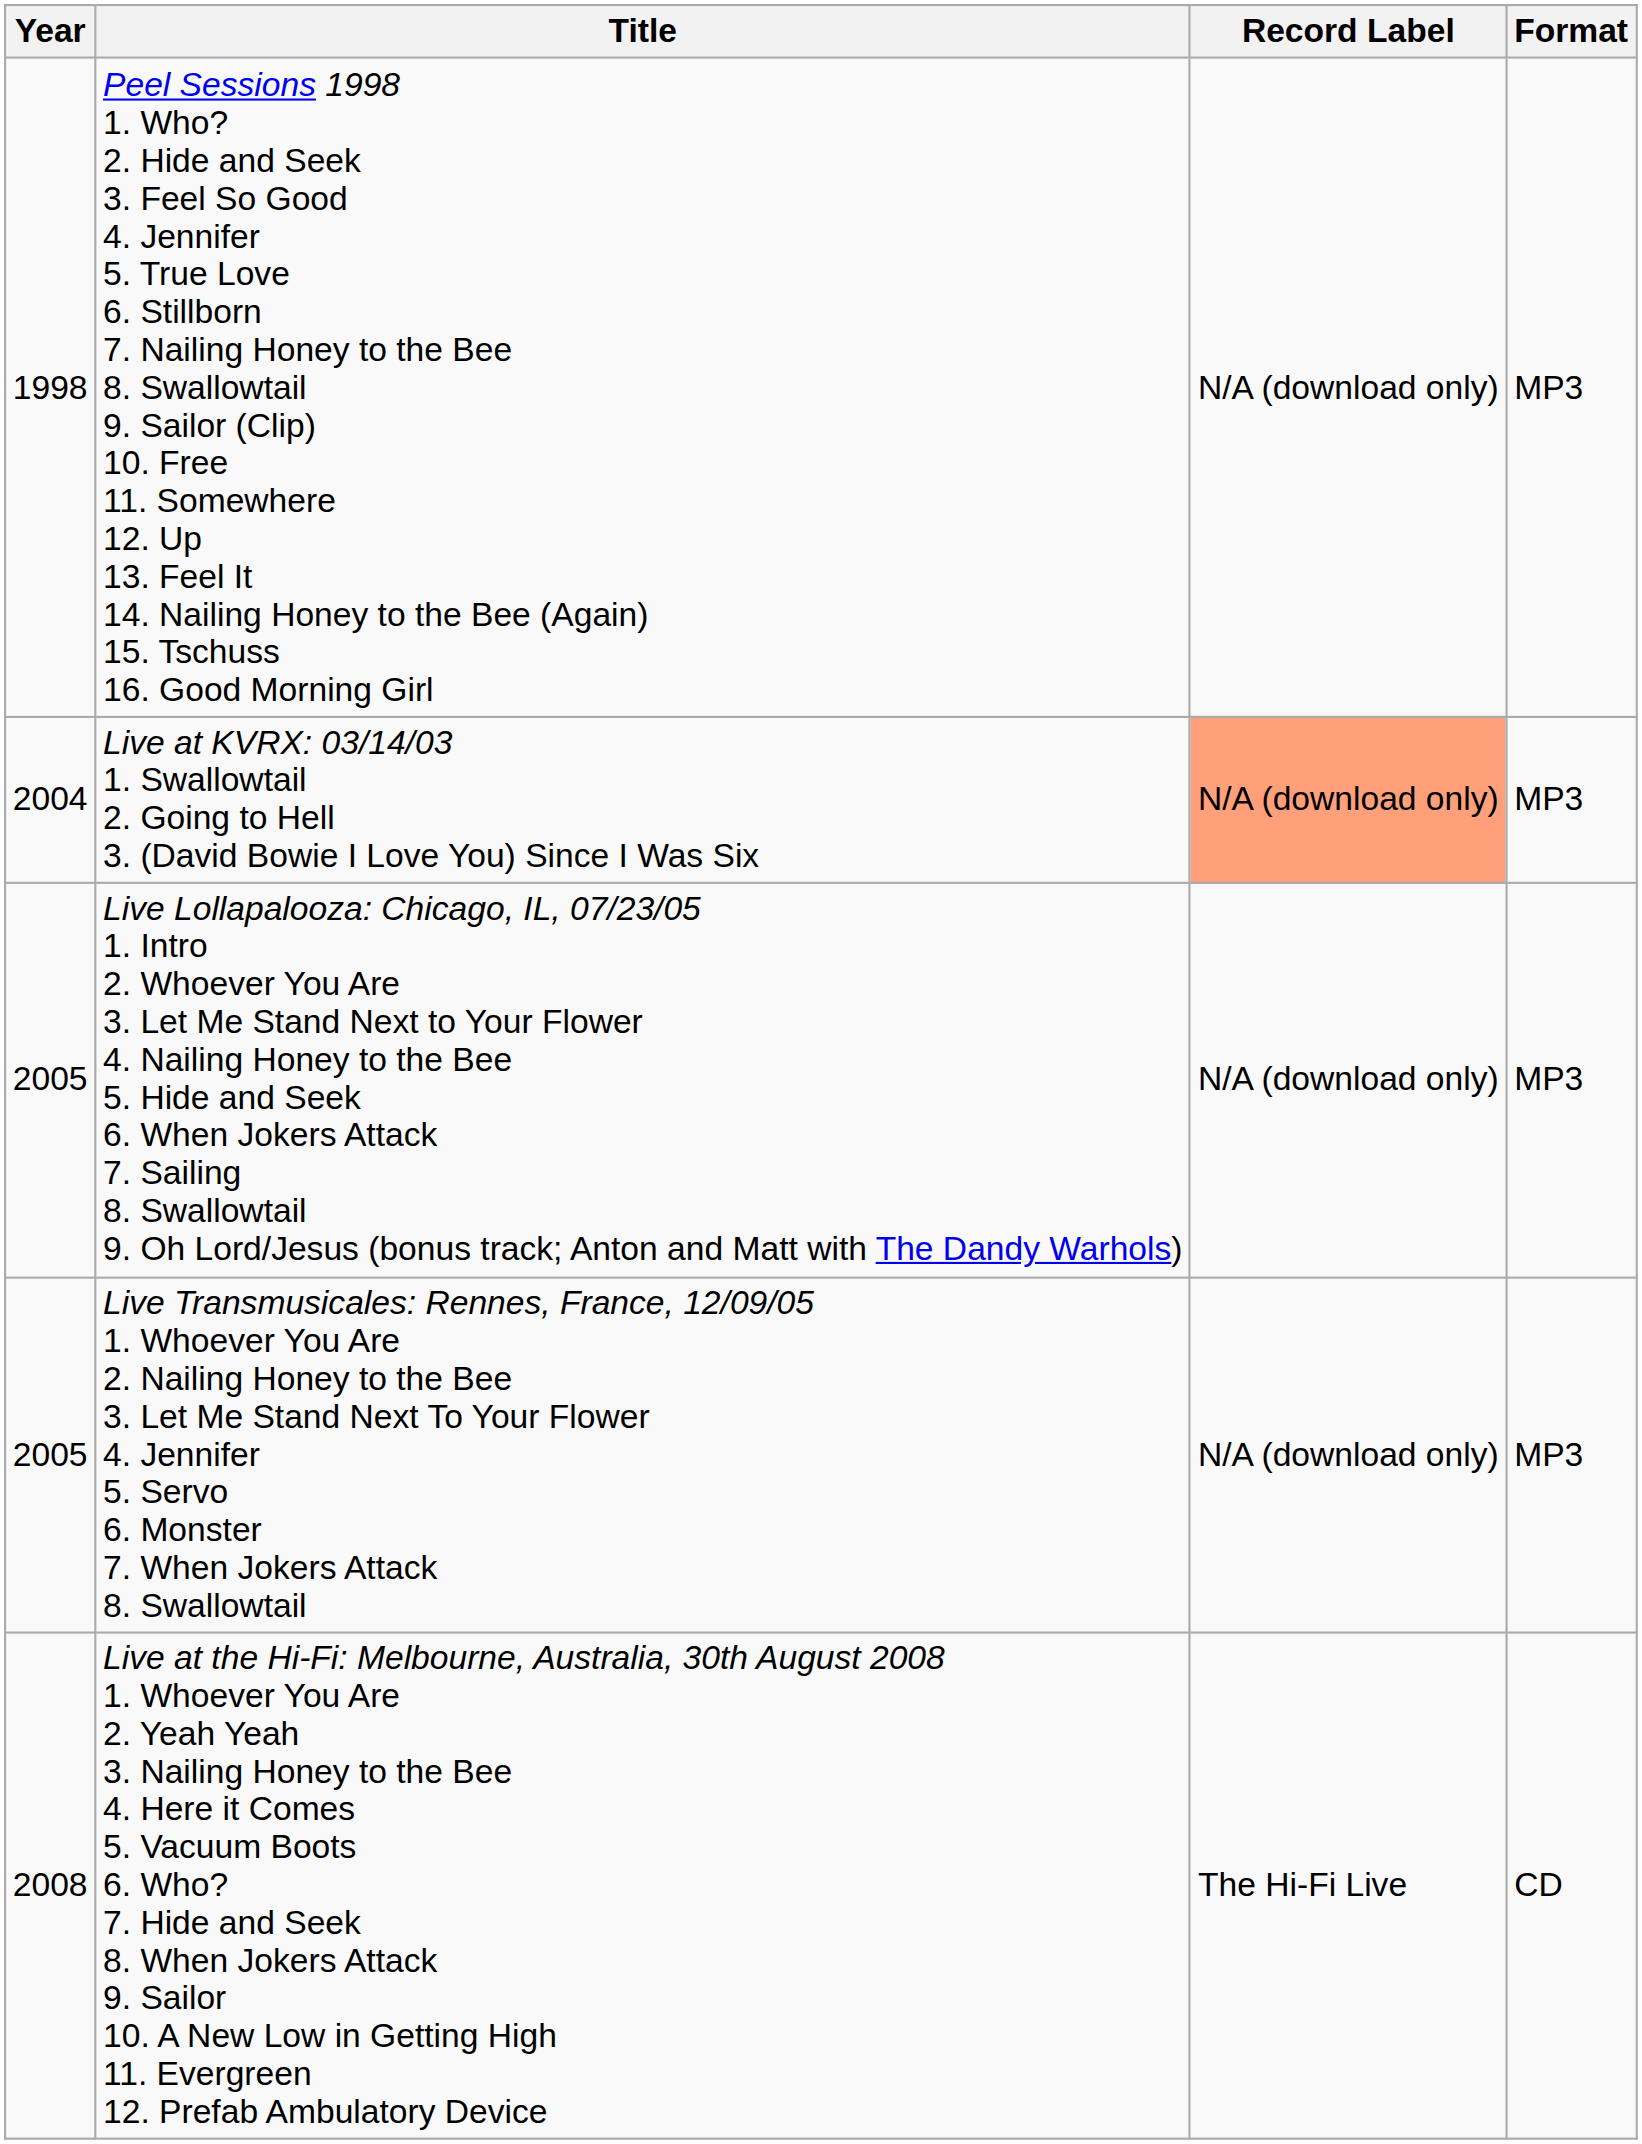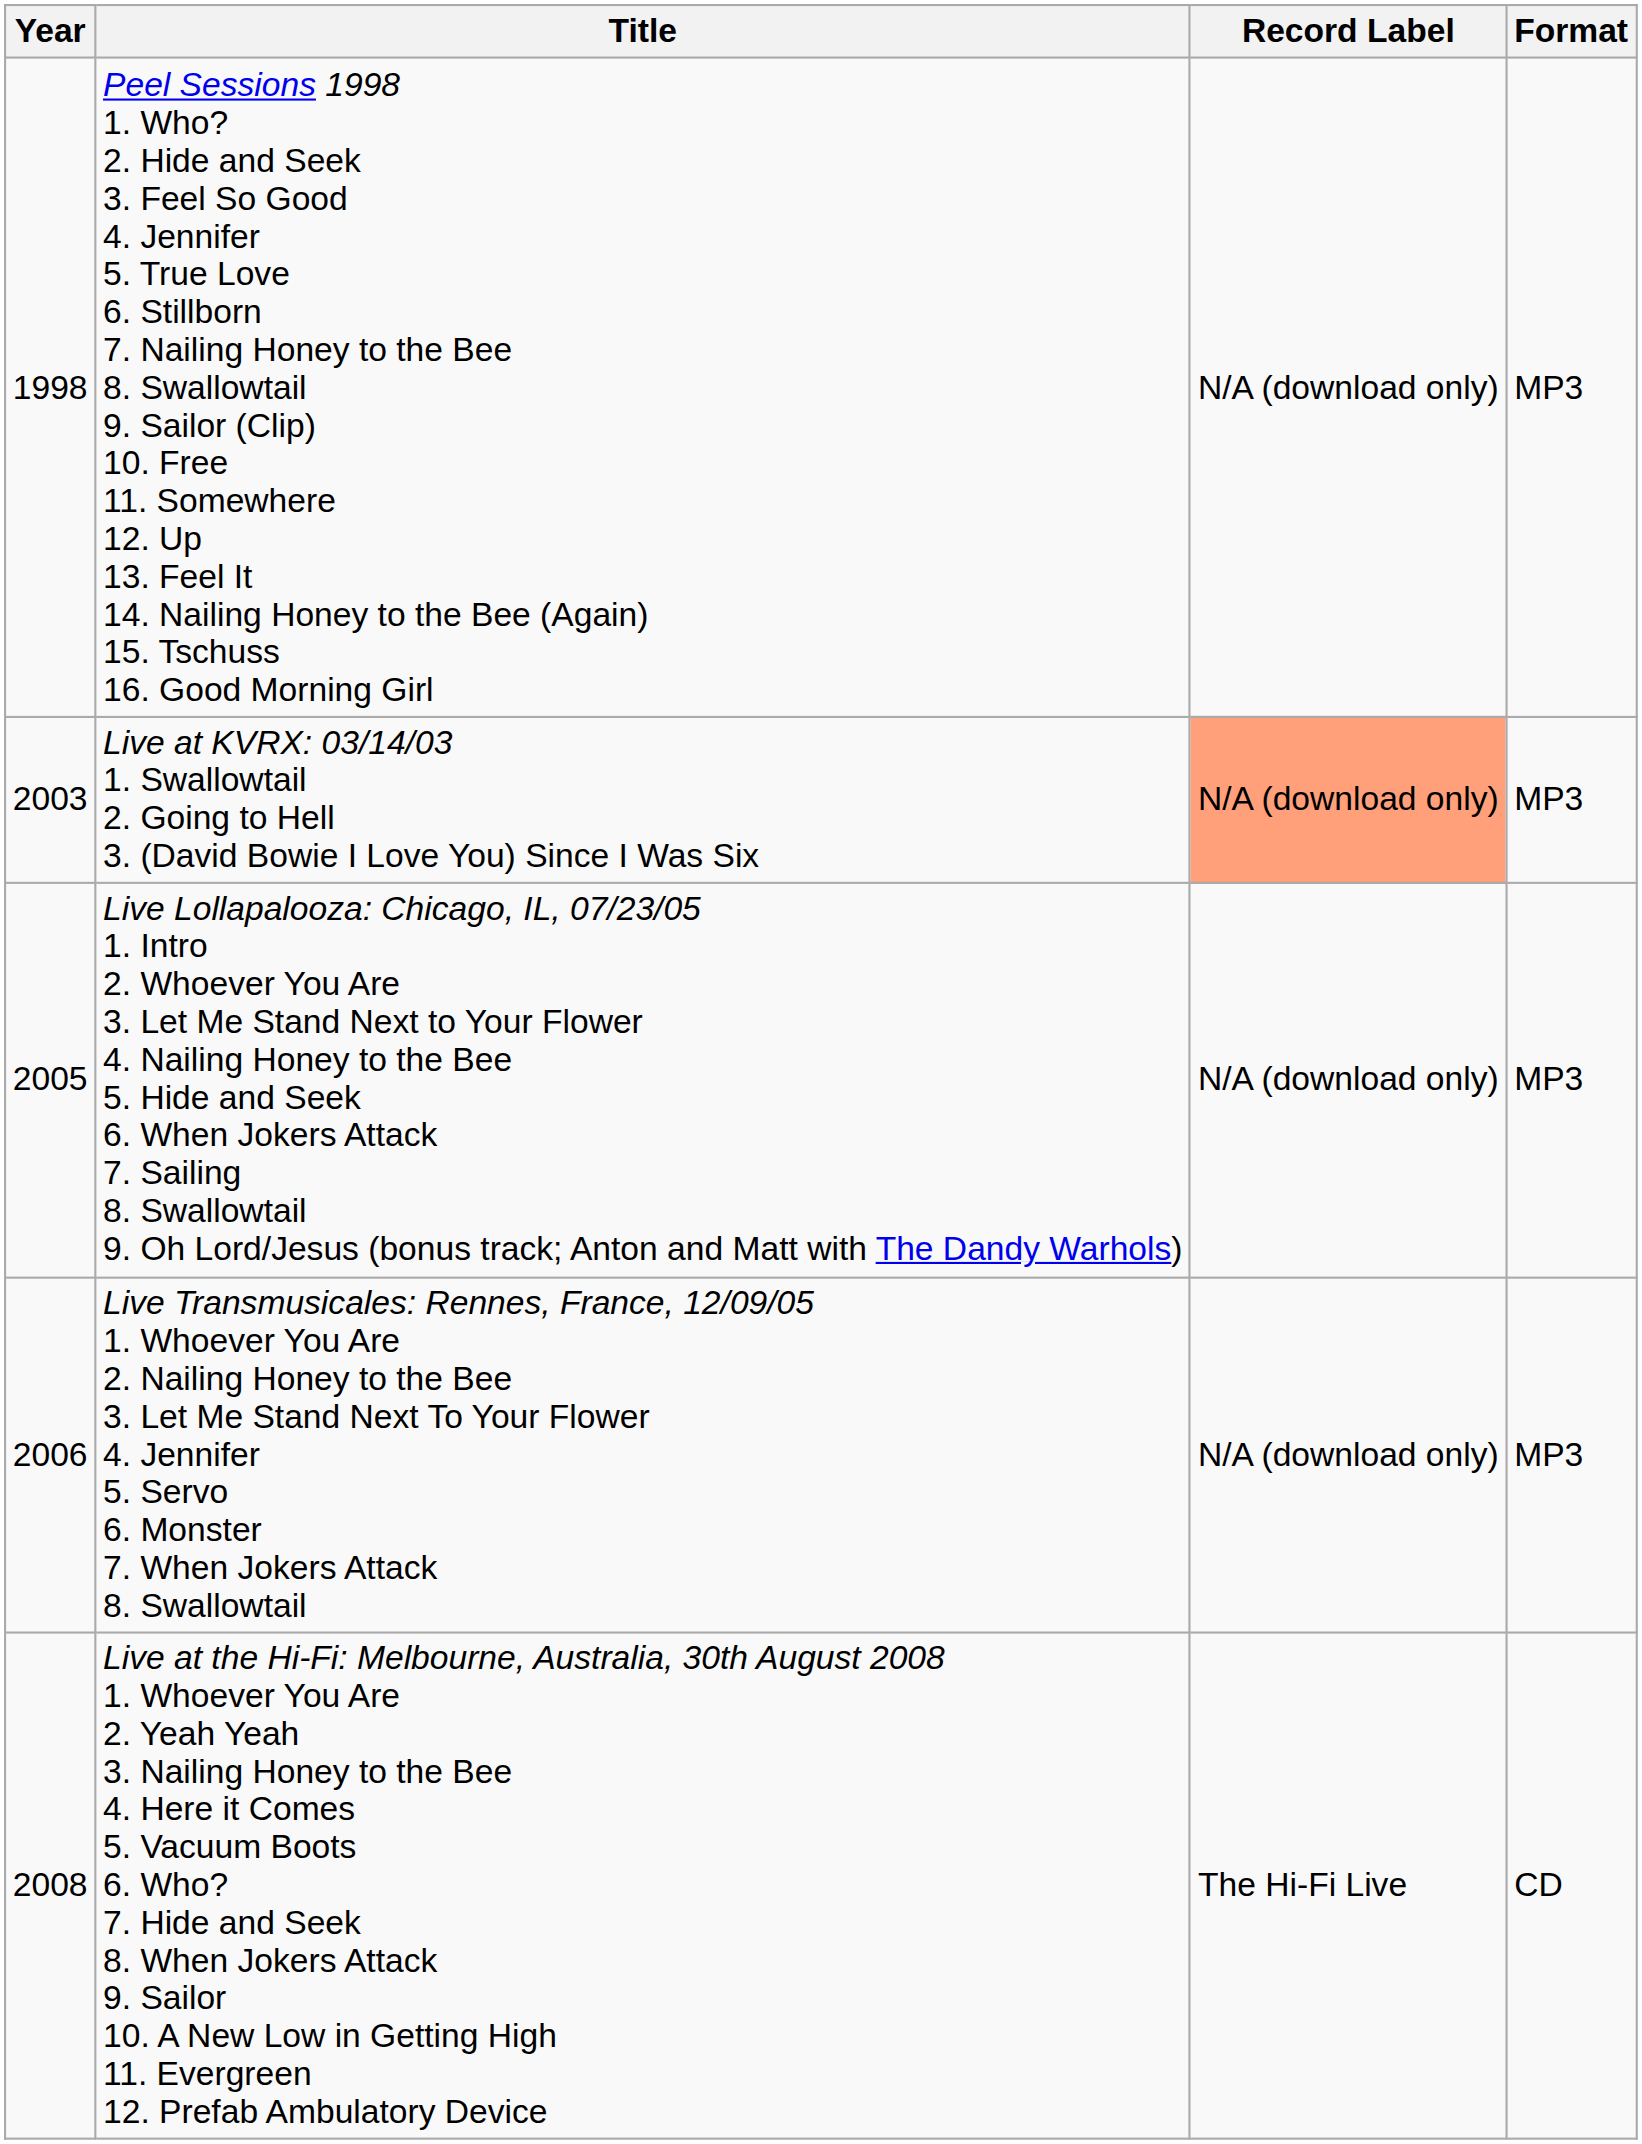 <table class="wikitable">
 <tr>
 <th>Year</th>
 <th>Title</th>
 <th>Record Label</th>
 <th>Format</th>
 </tr>
 <tr>
 <td>1998</td>
 <td align="left"><em><a href='#'>Peel Sessions</a> 1998</em><br>1.	Who?<br>   	  	 2.	Hide and Seek<br> 	   3.	Feel So Good<br>	     4.	Jennifer<br> 5.	True Love<br> 6.	Stillborn<br> 7.	Nailing Honey to the Bee<br> 8.	Swallowtail<br> 9.	Sailor (Clip)<br> 10.	Free<br> 11.	Somewhere<br> 12.	Up<br> 13.	Feel It<br> 14.	Nailing Honey to the Bee (Again)<br> 15.	Tschuss<br> 16.	Good Morning Girl<br></td>
 <td>N/A (download only)</td>
 <td>MP3</td>
 </tr>
 <tr>
-<td>2004</td>
+<td>2003</td>
 <td align="left"><em>Live at KVRX: 03/14/03</em><br>1.	Swallowtail<br> 2.	Going to Hell<br>  	   3.	(David Bowie I Love You) Since I Was Six<br></td>
 <td style="background: lightsalmon;">N/A (download only)</td>
 <td>MP3</td>
 </tr>
 <tr>
 <td>2005</td>
 <td align="left"><em>Live Lollapalooza: Chicago, IL, 07/23/05</em><br>1.	Intro<br> 2.	Whoever You Are<br>  	   3.	Let Me Stand Next to Your Flower<br>  	   4.	Nailing Honey to the Bee<br> 5.	Hide and Seek<br>  	   6.	When Jokers Attack<br>  	   7.	Sailing<br>  	   8.	Swallowtail<br> 9.	Oh Lord/Jesus (bonus track; Anton and Matt with <a href='#'>The Dandy Warhols</a>)<br></td>
 <td>N/A (download only)</td>
 <td>MP3</td>
 </tr>
 <tr>
-<td>2005</td>
+<td>2006</td>
 <td align="left"><em>Live Transmusicales: Rennes, France, 12/09/05</em><br>1.	Whoever You Are<br> 2.	Nailing Honey to the Bee<br>  	   3.	Let Me Stand Next To Your Flower<br>  	   4.	Jennifer<br>	   5.	Servo<br>	   6.	Monster<br>	 7.	When Jokers Attack<br> 8.	Swallowtail<br></td>
 <td>N/A (download only)</td>
 <td>MP3</td>
 </tr>
 <tr>
 <td>2008</td>
 <td align="left"><em>Live at the Hi-Fi: Melbourne, Australia, 30th August 2008</em><br>1.	Whoever You Are<br> 2.	Yeah Yeah<br> 3.	Nailing Honey to the Bee<br> 4.	Here it Comes<br> 5.	Vacuum Boots<br> 6.	Who?<br> 7.	Hide and Seek<br> 8.	When Jokers Attack<br> 9.	Sailor<br> 10.	A New Low in Getting High<br> 11.	Evergreen<br> 12.	Prefab Ambulatory Device<br></td>
 <td>The Hi-Fi Live</td>
 <td>CD</td>
 </tr>
 </table>
